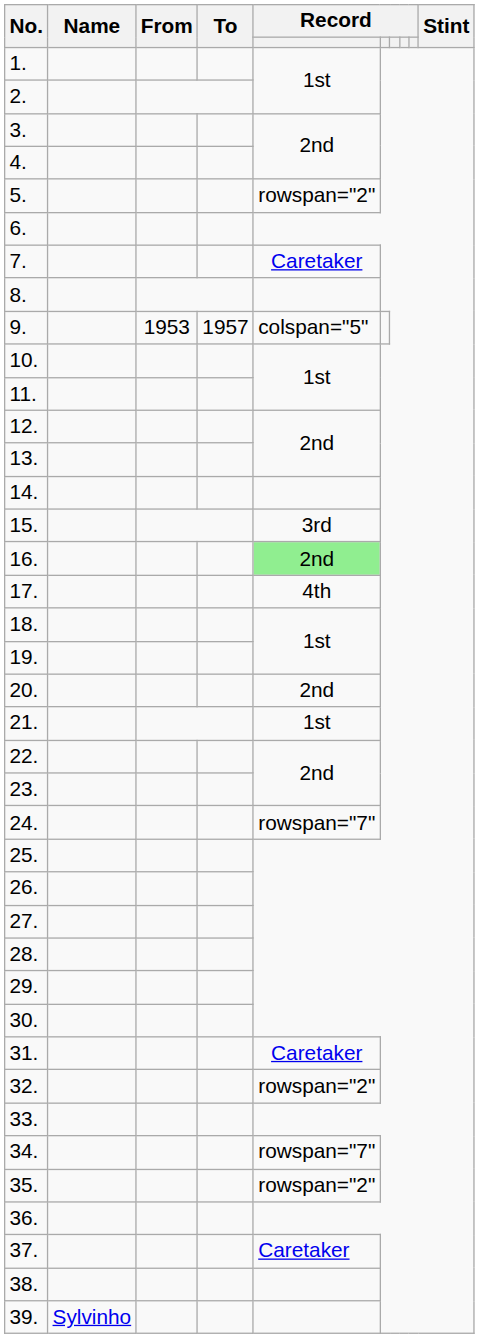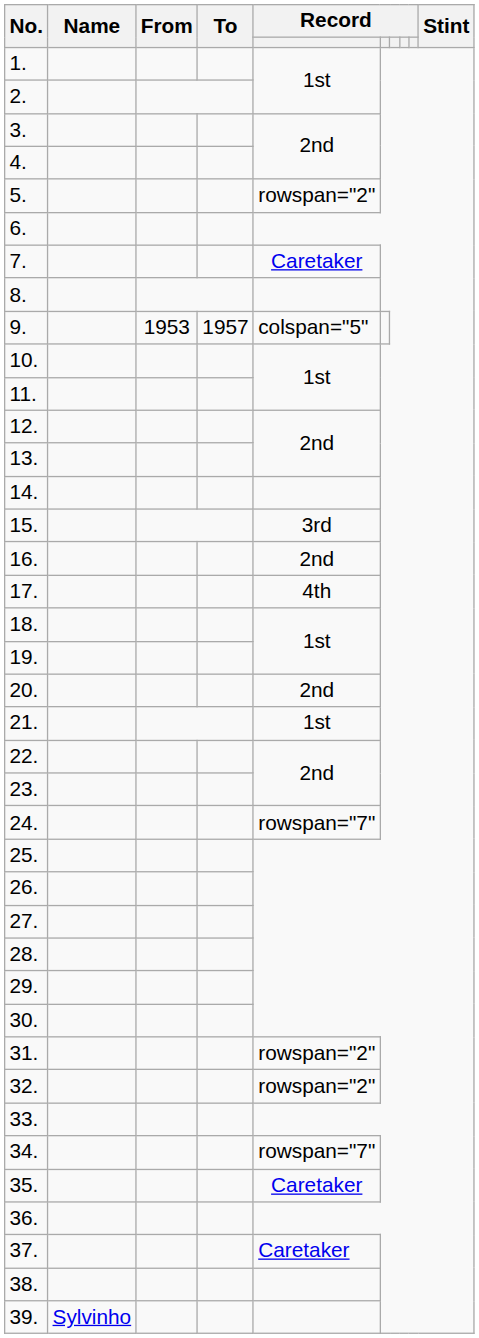 <table class="wikitable sortable" style="text-align:left;">
 <tr>
 <th rowspan=2>No.</th>
 <th rowspan=2>Name</th>
 <th rowspan=2>From</th>
 <th rowspan=2>To</th>
 <th colspan=5>Record</th>
 <th rowspan=2>Stint</th>
 </tr>
 <tr>
 <th></th>
 <th></th>
 <th></th>
 <th></th>
 <th></th>
 </tr>
 <tr>
 <td>1.</td>
 <td> </td>
 <td></td>
 <td><br></td>
 <td align="center" rowspan="2">1st</td>
 </tr>
 <tr>
 <td>2.</td>
 <td> </td>
 <td align="center" colspan="2"><br></td>
 </tr>
 <tr>
 <td>3.</td>
 <td> </td>
 <td></td>
 <td><br></td>
 <td align="center" rowspan="2">2nd</td>
 </tr>
 <tr>
 <td>4.</td>
 <td> </td>
 <td></td>
 <td><br></td>
 </tr>
 <tr>
 <td>5.</td>
 <td> </td>
 <td></td>
 <td><br></td>
 <td>rowspan="2" </td>
 </tr>
 <tr>
 <td>6.</td>
 <td> </td>
 <td></td>
 <td><br></td>
 </tr>
 <tr>
 <td>7.</td>
 <td> </td>
 <td></td>
 <td><br></td>
 <td align="center"><a href='#'>Caretaker</a></td>
 </tr>
 <tr>
 <td>8.</td>
 <td> </td>
 <td align="center" colspan="2"><br></td>
 <td></td>
 </tr>
 <tr>
 <td>9.</td>
 <td> </td>
 <td align="center">1953</td>
 <td align="center">1957</td>
 <td>colspan="5" </td>
 <td align="center"></td>
 </tr>
 <tr>
 <td>10.</td>
 <td> </td>
 <td></td>
 <td><br></td>
 <td align="center" rowspan="2">1st</td>
 </tr>
 <tr>
 <td>11.</td>
 <td> </td>
 <td></td>
 <td><br></td>
 </tr>
 <tr>
 <td>12.</td>
 <td> </td>
 <td></td>
 <td><br></td>
 <td align="center" rowspan="2">2nd</td>
 </tr>
 <tr>
 <td>13.</td>
 <td> </td>
 <td></td>
 <td><br></td>
 </tr>
 <tr>
 <td>14.</td>
 <td> </td>
 <td></td>
 <td><br></td>
 <td></td>
 </tr>
 <tr>
 <td>15.</td>
 <td> </td>
 <td align="center" colspan="2"><br></td>
 <td align="center">3rd</td>
 </tr>
 <tr>
 <td>16.</td>
 <td> </td>
 <td></td>
 <td><br></td>
-<td align="center" style="background: lightgreen;">2nd</td>
+<td align="center">2nd</td>
 </tr>
 <tr>
 <td>17.</td>
 <td> </td>
 <td></td>
 <td><br></td>
 <td align="center">4th</td>
 </tr>
 <tr>
 <td>18.</td>
 <td> </td>
 <td></td>
 <td><br></td>
 <td align="center" rowspan="2">1st</td>
 </tr>
 <tr>
 <td>19.</td>
 <td> </td>
 <td></td>
 <td><br></td>
 </tr>
 <tr>
 <td>20.</td>
 <td> </td>
 <td></td>
 <td><br></td>
 <td align="center">2nd</td>
 </tr>
 <tr>
 <td>21.</td>
 <td> </td>
 <td align="center" colspan="2"><br></td>
 <td align="center">1st</td>
 </tr>
 <tr>
 <td>22.</td>
 <td> </td>
 <td></td>
 <td><br></td>
 <td align="center" rowspan="2">2nd</td>
 </tr>
 <tr>
 <td>23.</td>
 <td> </td>
 <td></td>
 <td><br></td>
 </tr>
 <tr>
 <td>24.</td>
 <td> </td>
 <td></td>
 <td><br></td>
 <td>rowspan="7" </td>
 </tr>
 <tr>
 <td>25.</td>
 <td> </td>
 <td></td>
 <td><br></td>
 </tr>
 <tr>
 <td>26.</td>
 <td> </td>
 <td></td>
 <td><br></td>
 </tr>
 <tr>
 <td>27.</td>
 <td> </td>
 <td></td>
 <td><br></td>
 </tr>
 <tr>
 <td>28.</td>
 <td> </td>
 <td></td>
 <td><br></td>
 </tr>
 <tr>
 <td>29.</td>
 <td> </td>
 <td></td>
 <td><br></td>
 </tr>
 <tr>
 <td>30.</td>
 <td> </td>
 <td></td>
 <td><br></td>
 </tr>
 <tr>
 <td>31.</td>
 <td> </td>
 <td></td>
 <td><br></td>
-<td align="center"><a href='#'>Caretaker</a></td>
+<td>rowspan="2" </td>
 </tr>
 <tr>
 <td>32.</td>
 <td> </td>
 <td></td>
 <td><br></td>
 <td>rowspan="2" </td>
 </tr>
 <tr>
 <td>33.</td>
 <td> </td>
 <td></td>
 <td><br></td>
 </tr>
 <tr>
 <td>34.</td>
 <td> </td>
 <td></td>
 <td><br></td>
 <td>rowspan="7" </td>
 </tr>
 <tr>
 <td>35.</td>
 <td> </td>
 <td></td>
 <td><br></td>
-<td>rowspan="2" </td>
+<td align="center"><a href='#'>Caretaker</a></td>
 </tr>
 <tr>
 <td>36.</td>
 <td> </td>
 <td></td>
 <td><br></td>
 </tr>
 <tr>
 <td>37.</td>
 <td> </td>
 <td></td>
 <td><br></td>
 <td><a href='#'>Caretaker</a></td>
 </tr>
 <tr>
 <td>38.</td>
 <td> </td>
 <td></td>
 <td><br></td>
 <td></td>
 </tr>
 <tr>
 <td>39.</td>
 <td> <a href='#'>Sylvinho</a></td>
 <td></td>
 <td><br></td>
 <td></td>
 </tr>
 </table>
